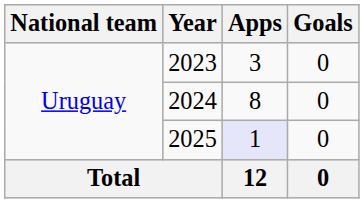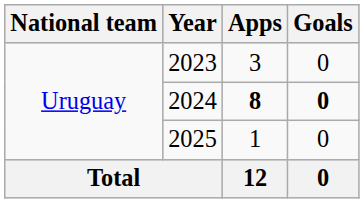 <table class="wikitable" style="text-align:center">
 <tr>
 <th>National team</th>
 <th>Year</th>
 <th>Apps</th>
 <th>Goals</th>
 </tr>
 <tr>
 <td rowspan="3"><a href='#'>Uruguay</a></td>
 <td>2023</td>
 <td>3</td>
 <td>0</td>
 </tr>
 <tr>
 <td>2024</td>
-<td>8</td>
-<td>0</td>
+<td><strong>8</strong></td>
+<td><strong>0</strong></td>
 </tr>
 <tr>
 <td>2025</td>
-<td style="background: lavender;">1</td>
+<td>1</td>
 <td>0</td>
 </tr>
 <tr>
 <th colspan="2">Total</th>
 <th>12</th>
 <th>0</th>
 </tr>
 </table>
